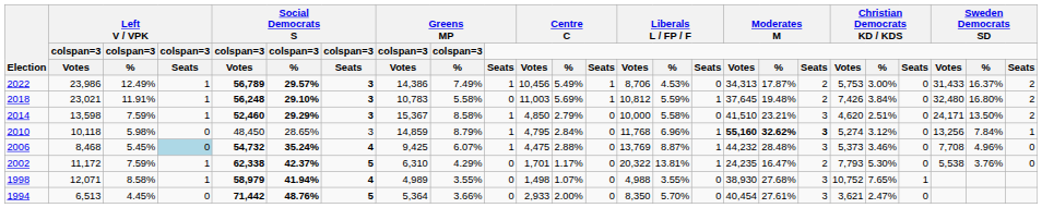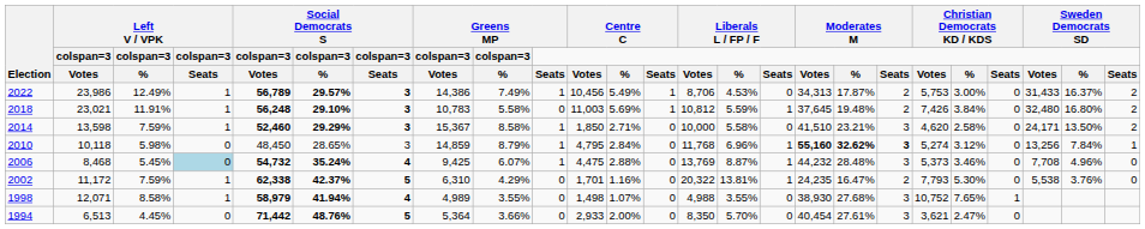 <table class="wikitable" border="1" style="font-size:95%; text-align:right;">
 <tr>
 <th style="text-align:left;" valign=bottom rowspan=3>Election</th>
 <th valign=bottom colspan=3><a href='#'>Left</a><br>V / VPK</th>
 <th valign=bottom colspan=3><a href='#'>Social<br>Democrats</a><br>S</th>
 <th valign=bottom colspan=3><a href='#'>Greens</a><br>MP</th>
 <th valign=bottom colspan=3><a href='#'>Centre</a><br>C</th>
 <th valign=bottom colspan=3><a href='#'>Liberals</a><br>L / FP / F</th>
 <th valign=bottom colspan=3><a href='#'>Moderates</a><br>M</th>
 <th valign=bottom colspan=3><a href='#'>Christian<br>Democrats</a><br>KD / KDS</th>
 <th valign=bottom colspan=3><a href='#'>Sweden<br>Democrats</a><br>SD</th>
 </tr>
 <tr>
 <th>colspan=3 </th>
 <th>colspan=3 </th>
 <th>colspan=3 </th>
 <th>colspan=3 </th>
 <th>colspan=3 </th>
 <th>colspan=3 </th>
 <th>colspan=3 </th>
 <th>colspan=3 </th>
 </tr>
 <tr>
 <th>Votes</th>
 <th>%</th>
 <th>Seats</th>
 <th>Votes</th>
 <th>%</th>
 <th>Seats</th>
 <th>Votes</th>
 <th>%</th>
 <th>Seats</th>
 <th>Votes</th>
 <th>%</th>
 <th>Seats</th>
 <th>Votes</th>
 <th>%</th>
 <th>Seats</th>
 <th>Votes</th>
 <th>%</th>
 <th>Seats</th>
 <th>Votes</th>
 <th>%</th>
 <th>Seats</th>
 <th>Votes</th>
 <th>%</th>
 <th>Seats</th>
 </tr>
 <tr>
 <td align=left><a href='#'>2022</a></td>
 <td>23,986</td>
 <td>12.49%</td>
 <td>1</td>
 <td><strong>56,789</strong></td>
 <td><strong>29.57%</strong></td>
 <td><strong>3</strong></td>
 <td>14,386</td>
 <td>7.49%</td>
 <td>1</td>
 <td>10,456</td>
 <td>5.49%</td>
 <td>1</td>
 <td>8,706</td>
 <td>4.53%</td>
 <td>0</td>
 <td>34,313</td>
 <td>17.87%</td>
 <td>2</td>
 <td>5,753</td>
 <td>3.00%</td>
 <td>0</td>
 <td>31,433</td>
 <td>16.37%</td>
 <td>2</td>
 </tr>
 <tr>
 <td align=left><a href='#'>2018</a></td>
 <td>23,021</td>
 <td>11.91%</td>
 <td>1</td>
 <td><strong>56,248</strong></td>
 <td><strong>29.10%</strong></td>
 <td><strong>3</strong></td>
 <td>10,783</td>
 <td>5.58%</td>
 <td>0</td>
 <td>11,003</td>
 <td>5.69%</td>
 <td>1</td>
 <td>10,812</td>
 <td>5.59%</td>
 <td>1</td>
 <td>37,645</td>
 <td>19.48%</td>
 <td>2</td>
 <td>7,426</td>
 <td>3.84%</td>
 <td>0</td>
 <td>32,480</td>
 <td>16.80%</td>
 <td>2</td>
 </tr>
 <tr>
 <td align=left><a href='#'>2014</a></td>
 <td>13,598</td>
 <td>7.59%</td>
 <td>1</td>
 <td><strong>52,460</strong></td>
 <td><strong>29.29%</strong></td>
 <td><strong>3</strong></td>
 <td>15,367</td>
 <td>8.58%</td>
 <td>1</td>
-<td>4,850</td>
-<td>2.79%</td>
+<td>1,850</td>
+<td>2.71%</td>
 <td>0</td>
 <td>10,000</td>
 <td>5.58%</td>
 <td>0</td>
 <td>41,510</td>
 <td>23.21%</td>
 <td>3</td>
 <td>4,620</td>
-<td>2.51%</td>
+<td>2.58%</td>
 <td>0</td>
 <td>24,171</td>
 <td>13.50%</td>
 <td>2</td>
 </tr>
 <tr>
 <td align=left><a href='#'>2010</a></td>
 <td>10,118</td>
 <td>5.98%</td>
 <td>0</td>
 <td>48,450</td>
 <td>28.65%</td>
 <td>3</td>
 <td>14,859</td>
 <td>8.79%</td>
 <td>1</td>
 <td>4,795</td>
 <td>2.84%</td>
 <td>0</td>
 <td>11,768</td>
 <td>6.96%</td>
 <td>1</td>
 <td><strong>55,160</strong></td>
 <td><strong>32.62%</strong></td>
 <td><strong>3</strong></td>
 <td>5,274</td>
 <td>3.12%</td>
 <td>0</td>
 <td>13,256</td>
 <td>7.84%</td>
 <td>1</td>
 </tr>
 <tr>
 <td align=left><a href='#'>2006</a></td>
 <td>8,468</td>
 <td>5.45%</td>
 <td style="background: lightblue;">0</td>
 <td><strong>54,732</strong></td>
 <td><strong>35.24%</strong></td>
 <td><strong>4</strong></td>
 <td>9,425</td>
 <td>6.07%</td>
 <td>1</td>
 <td>4,475</td>
 <td>2.88%</td>
 <td>0</td>
 <td>13,769</td>
 <td>8.87%</td>
 <td>1</td>
 <td>44,232</td>
 <td>28.48%</td>
 <td>3</td>
 <td>5,373</td>
 <td>3.46%</td>
 <td>0</td>
 <td>7,708</td>
 <td>4.96%</td>
 <td>0</td>
 </tr>
 <tr>
 <td align=left><a href='#'>2002</a></td>
 <td>11,172</td>
 <td>7.59%</td>
 <td>1</td>
 <td><strong>62,338</strong></td>
 <td><strong>42.37%</strong></td>
 <td><strong>5</strong></td>
 <td>6,310</td>
 <td>4.29%</td>
 <td>0</td>
 <td>1,701</td>
-<td>1.17%</td>
+<td>1.16%</td>
 <td>0</td>
 <td>20,322</td>
 <td>13.81%</td>
 <td>1</td>
 <td>24,235</td>
 <td>16.47%</td>
 <td>2</td>
 <td>7,793</td>
 <td>5.30%</td>
 <td>0</td>
 <td>5,538</td>
 <td>3.76%</td>
 <td>0</td>
 </tr>
 <tr>
 <td align=left><a href='#'>1998</a></td>
 <td>12,071</td>
 <td>8.58%</td>
 <td>1</td>
 <td><strong>58,979</strong></td>
 <td><strong>41.94%</strong></td>
 <td><strong>4</strong></td>
 <td>4,989</td>
 <td>3.55%</td>
 <td>0</td>
 <td>1,498</td>
 <td>1.07%</td>
 <td>0</td>
 <td>4,988</td>
 <td>3.55%</td>
 <td>0</td>
 <td>38,930</td>
 <td>27.68%</td>
 <td>3</td>
 <td>10,752</td>
 <td>7.65%</td>
 <td>1</td>
 <td></td>
 <td></td>
 <td></td>
 </tr>
 <tr>
 <td align=left><a href='#'>1994</a></td>
 <td>6,513</td>
 <td>4.45%</td>
 <td>0</td>
 <td><strong>71,442</strong></td>
 <td><strong>48.76%</strong></td>
 <td><strong>5</strong></td>
 <td>5,364</td>
 <td>3.66%</td>
 <td>0</td>
 <td>2,933</td>
 <td>2.00%</td>
 <td>0</td>
 <td>8,350</td>
 <td>5.70%</td>
 <td>0</td>
 <td>40,454</td>
 <td>27.61%</td>
 <td>3</td>
 <td>3,621</td>
 <td>2.47%</td>
 <td>0</td>
 <td></td>
 <td></td>
 <td></td>
 </tr>
 </table>
